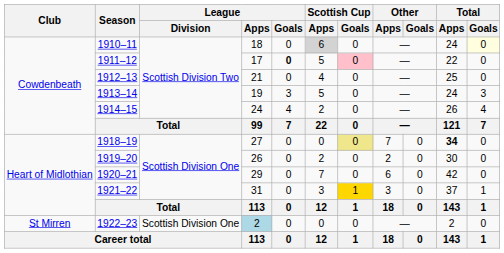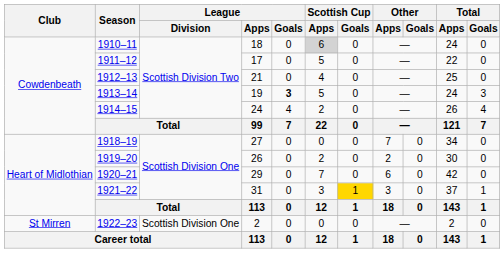 <table class="wikitable" style="text-align: center;">
 <tr>
 <th rowspan="2">Club</th>
 <th rowspan="2">Season</th>
 <th colspan="3">League</th>
 <th colspan="2">Scottish Cup</th>
 <th colspan="2">Other</th>
 <th colspan="2">Total</th>
 </tr>
 <tr>
 <th>Division</th>
 <th>Apps</th>
 <th>Goals</th>
 <th>Apps</th>
 <th>Goals</th>
 <th>Apps</th>
 <th>Goals</th>
 <th>Apps</th>
 <th>Goals</th>
 </tr>
 <tr>
 <td rowspan="6"><a href='#'>Cowdenbeath</a></td>
 <td><a href='#'>1910–11</a></td>
 <td rowspan="5"><a href='#'>Scottish Division Two</a></td>
 <td>18</td>
 <td>0</td>
 <td style="background: lightgrey;">6</td>
 <td>0</td>
 <td colspan="2">—</td>
 <td>24</td>
-<td style="background: lightyellow;">0</td>
+<td>0</td>
 </tr>
 <tr>
 <td><a href='#'>1911–12</a></td>
 <td>17</td>
-<td><strong>0</strong></td>
+<td>0</td>
 <td>5</td>
-<td style="background: pink;">0</td>
+<td>0</td>
 <td colspan="2">—</td>
 <td>22</td>
 <td>0</td>
 </tr>
 <tr>
 <td><a href='#'>1912–13</a></td>
 <td>21</td>
 <td>0</td>
 <td>4</td>
 <td>0</td>
 <td colspan="2">—</td>
 <td>25</td>
 <td>0</td>
 </tr>
 <tr>
 <td><a href='#'>1913–14</a></td>
 <td>19</td>
-<td>3</td>
+<td><strong>3</strong></td>
 <td>5</td>
 <td>0</td>
 <td colspan="2">—</td>
 <td>24</td>
 <td>3</td>
 </tr>
 <tr>
 <td><a href='#'>1914–15</a></td>
 <td>24</td>
 <td>4</td>
 <td>2</td>
 <td>0</td>
 <td colspan="2">—</td>
 <td>26</td>
 <td>4</td>
 </tr>
 <tr>
 <th colspan="2">Total</th>
 <th>99</th>
 <th>7</th>
 <th>22</th>
 <th>0</th>
 <th colspan="2">—</th>
 <th>121</th>
 <th>7</th>
 </tr>
 <tr>
 <td rowspan="5"><a href='#'>Heart of Midlothian</a></td>
 <td><a href='#'>1918–19</a></td>
 <td rowspan="4"><a href='#'>Scottish Division One</a></td>
 <td>27</td>
 <td>0</td>
 <td>0</td>
-<td style="background: khaki;">0</td>
+<td>0</td>
 <td>7</td>
 <td>0</td>
-<td><strong>34</strong></td>
+<td>34</td>
 <td>0</td>
 </tr>
 <tr>
 <td><a href='#'>1919–20</a></td>
 <td>26</td>
 <td>0</td>
 <td>2</td>
 <td>0</td>
 <td>2</td>
 <td>0</td>
 <td>30</td>
 <td>0</td>
 </tr>
 <tr>
 <td><a href='#'>1920–21</a></td>
 <td>29</td>
 <td>0</td>
 <td>7</td>
 <td>0</td>
 <td>6</td>
 <td>0</td>
 <td>42</td>
 <td>0</td>
 </tr>
 <tr>
 <td><a href='#'>1921–22</a></td>
 <td>31</td>
 <td>0</td>
 <td>3</td>
 <td style="background: gold;">1</td>
 <td>3</td>
 <td>0</td>
 <td>37</td>
 <td>1</td>
 </tr>
 <tr>
 <th colspan="2">Total</th>
 <th>113</th>
 <th>0</th>
 <th>12</th>
 <th>1</th>
 <th>18</th>
 <th>0</th>
 <th>143</th>
 <th>1</th>
 </tr>
 <tr>
 <td><a href='#'>St Mirren</a></td>
 <td><a href='#'>1922–23</a></td>
 <td>Scottish Division One</td>
-<td style="background: lightblue;">2</td>
+<td>2</td>
 <td>0</td>
 <td>0</td>
 <td>0</td>
 <td colspan="2">—</td>
 <td>2</td>
 <td>0</td>
 </tr>
 <tr>
 <th colspan="3">Career total</th>
 <th>113</th>
 <th>0</th>
 <th>12</th>
 <th>1</th>
 <th>18</th>
 <th>0</th>
 <th>143</th>
 <th>1</th>
 </tr>
 </table>
